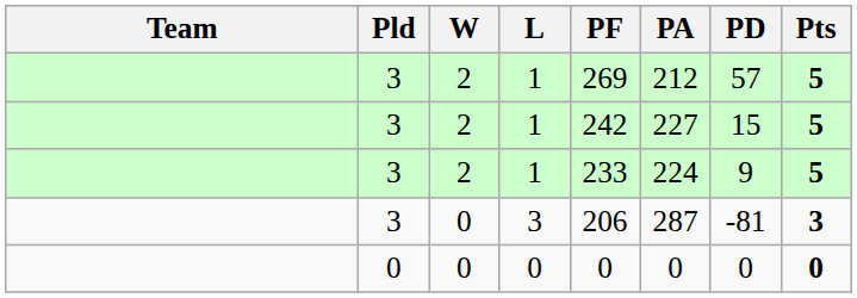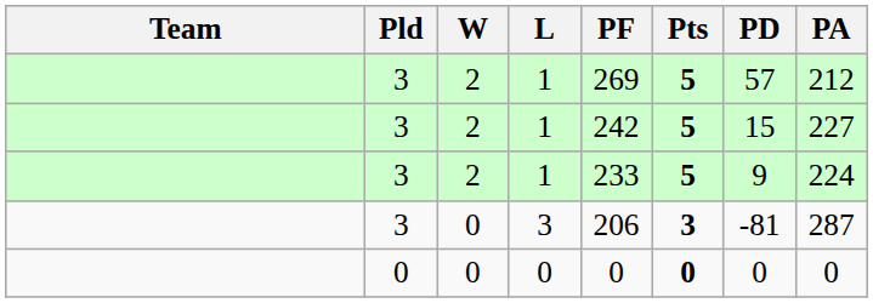 <table class=wikitable style="text-align:center">
 <tr>
 <th width=180>Team</th>
 <th width=30>Pld</th>
 <th width=30>W</th>
 <th width=30>L</th>
 <th width=30>PF</th>
+<th width=30>Pts</th>
+<th width=30>PD</th>
 <th width=30>PA</th>
-<th width=30>PD</th>
-<th width=30>Pts</th>
 </tr>
 <tr bgcolor="#ccffcc">
 <td align="left"></td>
 <td>3</td>
 <td>2</td>
 <td>1</td>
 <td>269</td>
+<td><strong>5</strong></td>
+<td>57</td>
 <td>212</td>
-<td>57</td>
-<td><strong>5</strong></td>
 </tr>
 <tr bgcolor="#ccffcc">
 <td align="left"></td>
 <td>3</td>
 <td>2</td>
 <td>1</td>
 <td>242</td>
+<td><strong>5</strong></td>
+<td>15</td>
 <td>227</td>
-<td>15</td>
-<td><strong>5</strong></td>
 </tr>
 <tr bgcolor="#ccffcc">
 <td align="left"></td>
 <td>3</td>
 <td>2</td>
 <td>1</td>
 <td>233</td>
+<td><strong>5</strong></td>
+<td>9</td>
 <td>224</td>
-<td>9</td>
-<td><strong>5</strong></td>
 </tr>
 <tr>
 <td align="left"></td>
 <td>3</td>
 <td>0</td>
 <td>3</td>
 <td>206</td>
+<td><strong>3</strong></td>
+<td>-81</td>
 <td>287</td>
-<td>-81</td>
-<td><strong>3</strong></td>
 </tr>
 <tr>
 <td align="left"></td>
 <td>0</td>
 <td>0</td>
 <td>0</td>
 <td>0</td>
+<td><strong>0</strong></td>
 <td>0</td>
 <td>0</td>
-<td><strong>0</strong></td>
 </tr>
 </table>
